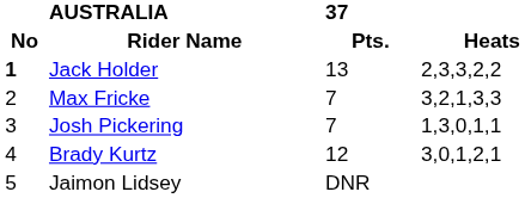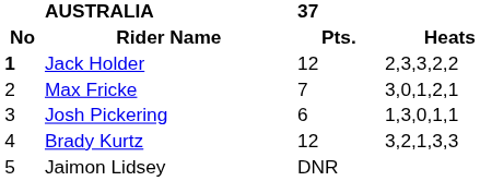 <table class="toccolours">
 <tr>
 <td></td>
 <td><strong>AUSTRALIA</strong></td>
 <td><strong>37</strong></td>
 </tr>
 <tr style="background-color:">
 <th width=30px>No</th>
 <th width=210px>Rider Name</th>
 <th width=70px>Pts.</th>
 <th width=110px>Heats</th>
 </tr>
 <tr style="background-color:">
 <td><strong>1</strong></td>
 <td><a href='#'>Jack Holder</a></td>
-<td>13</td>
+<td>12</td>
 <td>2,3,3,2,2</td>
 </tr>
 <tr style="background-color:">
 <td>2</td>
 <td><a href='#'>Max Fricke</a></td>
 <td>7</td>
-<td>3,2,1,3,3</td>
+<td>3,0,1,2,1</td>
 </tr>
 <tr style="background-color:">
 <td>3</td>
 <td><a href='#'>Josh Pickering</a></td>
-<td>7</td>
+<td>6</td>
 <td>1,3,0,1,1</td>
 </tr>
 <tr style="background-color:">
 <td>4</td>
 <td><a href='#'>Brady Kurtz</a></td>
 <td>12</td>
-<td>3,0,1,2,1</td>
+<td>3,2,1,3,3</td>
 </tr>
 <tr style="background-color:">
 <td>5</td>
 <td>Jaimon Lidsey</td>
 <td>DNR</td>
 <td></td>
 </tr>
 </table>
